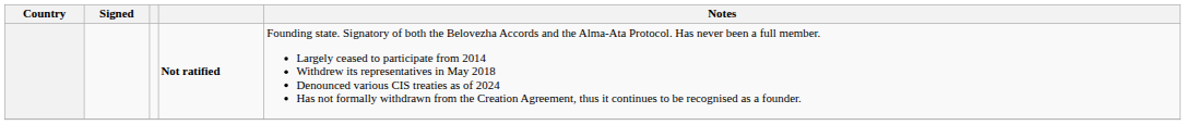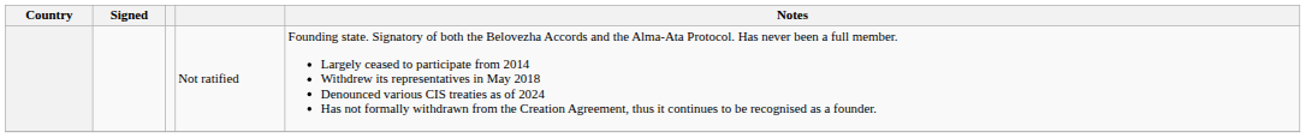 <table class="wikitable sortable plainrowheaders"; width=100%>
 <tr>
 <th scope="col">Country</th>
 <th scope="col">Signed</th>
 <th scope="col"></th>
 <th scope="col"></th>
 <th scope="col">Notes</th>
 </tr>
 <tr>
 <th scope="row"></th>
 <td></td>
 <td></td>
-<td><strong>Not ratified</strong></td>
+<td>Not ratified</td>
 <td>Founding state. Signatory of both the Belovezha Accords and the Alma-Ata Protocol.  Has never been a full member.<br><ul><li>Largely ceased to participate from 2014</li><li>Withdrew its representatives in May 2018</li><li>Denounced various CIS treaties as of 2024</li><li>Has not formally withdrawn from the Creation Agreement, thus it continues to be recognised as a founder.</li></ul></td>
 </tr>
 <tr>
 </tr>
 </table>
